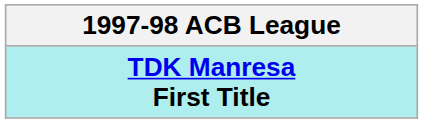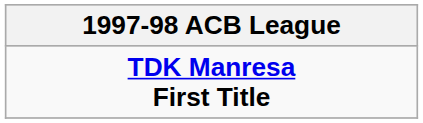 <table class="wikitable" style="margin: 0 auto; width: 20%;">
 <tr>
 <th>1997-98 ACB League</th>
 </tr>
 <tr>
-<td align=center style="background: paleturquoise;"><strong><a href='#'>TDK Manresa</a></strong><br><strong>First Title</strong></td>
+<td align=center><strong><a href='#'>TDK Manresa</a></strong><br><strong>First Title</strong></td>
 </tr>
 </table>
